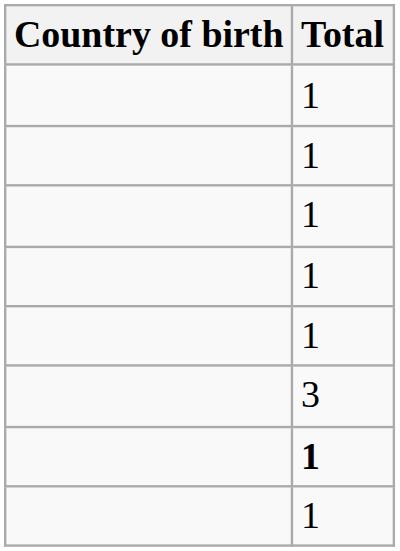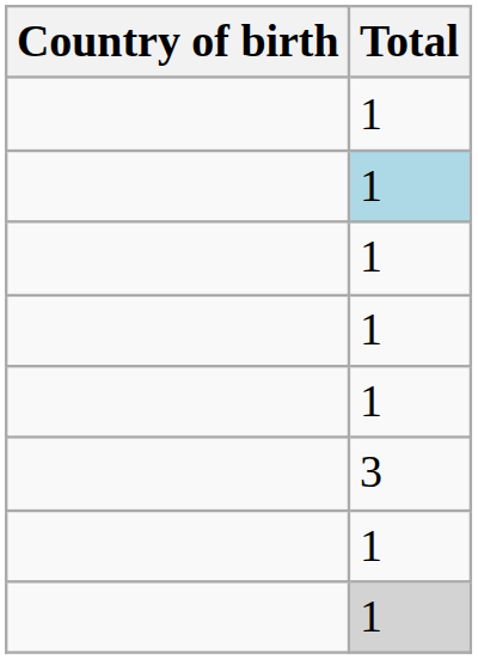 <table class="wikitable sortable">
 <tr>
 <th>Country of birth</th>
 <th>Total</th>
 </tr>
 <tr>
 <td></td>
 <td>1</td>
 </tr>
 <tr>
 <td></td>
-<td>1</td>
+<td style="background: lightblue;">1</td>
 </tr>
 <tr>
 <td></td>
 <td>1</td>
 </tr>
 <tr>
 <td></td>
 <td>1</td>
 </tr>
 <tr>
 <td></td>
 <td>1</td>
 </tr>
 <tr>
 <td></td>
 <td>3</td>
 </tr>
 <tr>
 <td></td>
-<td><strong>1</strong></td>
+<td>1</td>
 </tr>
 <tr>
 <td></td>
-<td>1</td>
+<td style="background: lightgrey;">1</td>
 </tr>
 </table>
